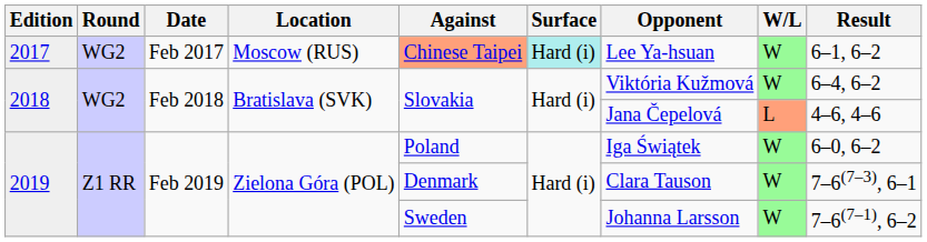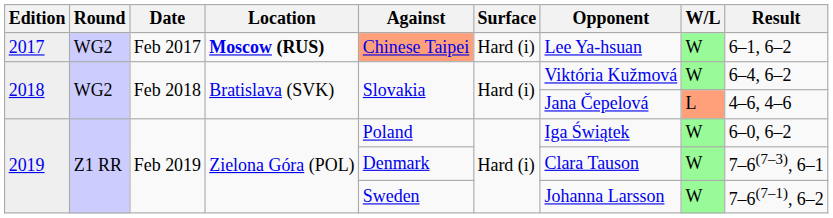 <table class=wikitable>
 <tr>
 <th>Edition</th>
 <th>Round</th>
 <th>Date</th>
 <th>Location</th>
 <th>Against</th>
 <th>Surface</th>
 <th>Opponent</th>
 <th>W/L</th>
 <th>Result</th>
 </tr>
 <tr>
 <td style="background:#efefef;"><a href='#'>2017</a></td>
 <td bgcolor=#ccf>WG2</td>
 <td>Feb 2017</td>
-<td><a href='#'>Moscow</a> (RUS)</td>
+<td><strong><a href='#'>Moscow</a> (RUS)</strong></td>
 <td style="background: lightsalmon;"> <a href='#'>Chinese Taipei</a></td>
-<td style="background: paleturquoise;">Hard (i)</td>
+<td>Hard (i)</td>
 <td><a href='#'>Lee Ya-hsuan</a></td>
 <td bgcolor=98FB98>W</td>
 <td>6–1, 6–2</td>
 </tr>
 <tr>
 <td rowspan="2" style="background:#efefef;"><a href='#'>2018</a></td>
 <td bgcolor=#ccf rowspan=2>WG2</td>
 <td rowspan="2">Feb 2018</td>
 <td rowspan="2"><a href='#'>Bratislava</a> (SVK)</td>
 <td rowspan=2> <a href='#'>Slovakia</a></td>
 <td rowspan=2>Hard (i)</td>
 <td><a href='#'>Viktória Kužmová</a></td>
 <td bgcolor=98FB98>W</td>
 <td>6–4, 6–2</td>
 </tr>
 <tr>
 <td><a href='#'>Jana Čepelová</a></td>
 <td bgcolor=ffa07a>L</td>
 <td>4–6, 4–6</td>
 </tr>
 <tr>
 <td rowspan="3" style="background:#efefef;"><a href='#'>2019</a></td>
 <td bgcolor=#ccf rowspan=3>Z1 RR</td>
 <td rowspan="3">Feb 2019</td>
 <td rowspan="3"><a href='#'>Zielona Góra</a> (POL)</td>
 <td> <a href='#'>Poland</a></td>
 <td rowspan=3>Hard (i)</td>
 <td><a href='#'>Iga Świątek</a></td>
 <td bgcolor=98FB98>W</td>
 <td>6–0, 6–2</td>
 </tr>
 <tr>
 <td> <a href='#'>Denmark</a></td>
 <td><a href='#'>Clara Tauson</a></td>
 <td bgcolor=98FB98>W</td>
 <td>7–6<sup>(7–3)</sup>, 6–1</td>
 </tr>
 <tr>
 <td> <a href='#'>Sweden</a></td>
 <td><a href='#'>Johanna Larsson</a></td>
 <td bgcolor=98FB98>W</td>
 <td>7–6<sup>(7–1)</sup>, 6–2</td>
 </tr>
 </table>
